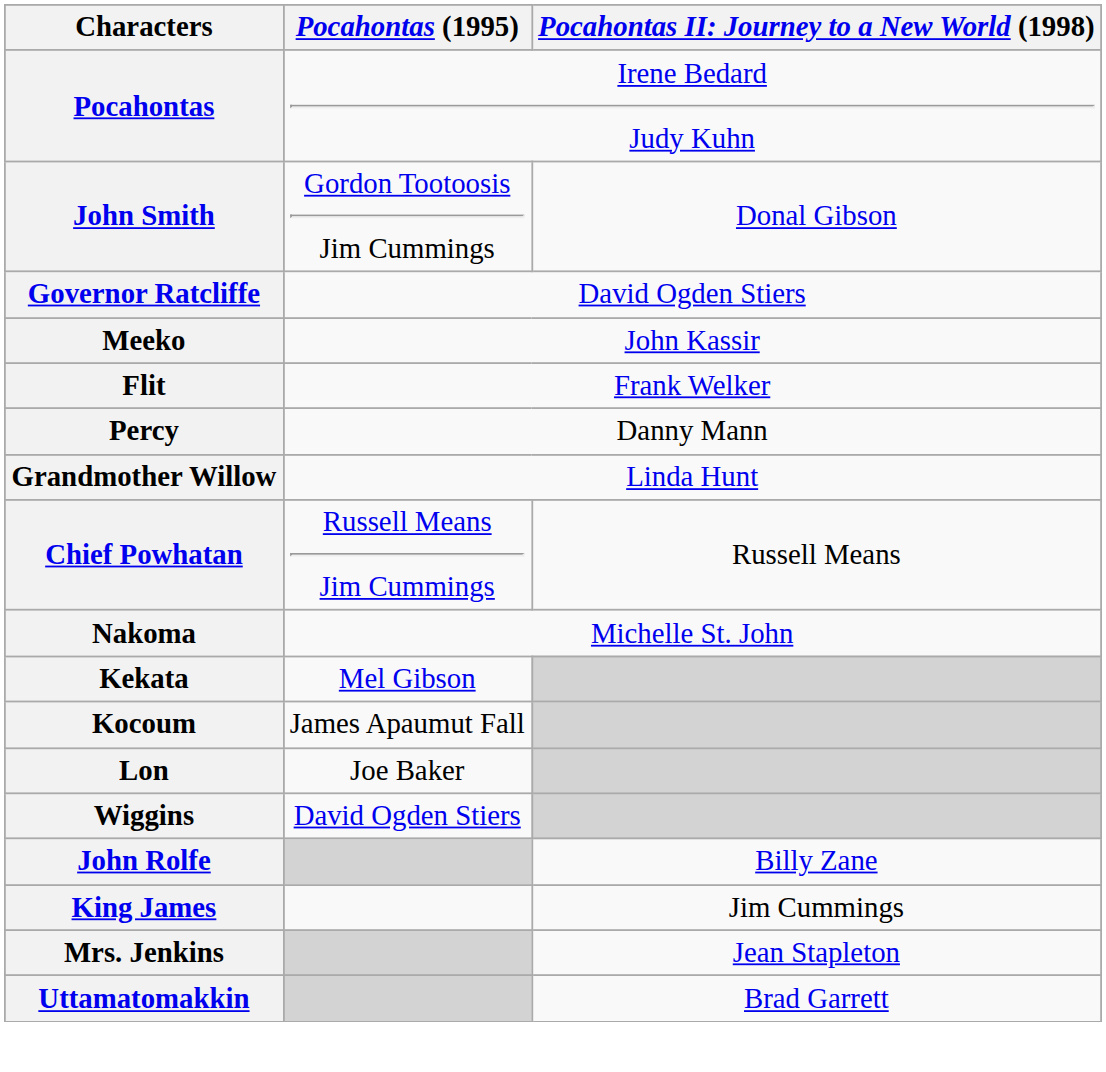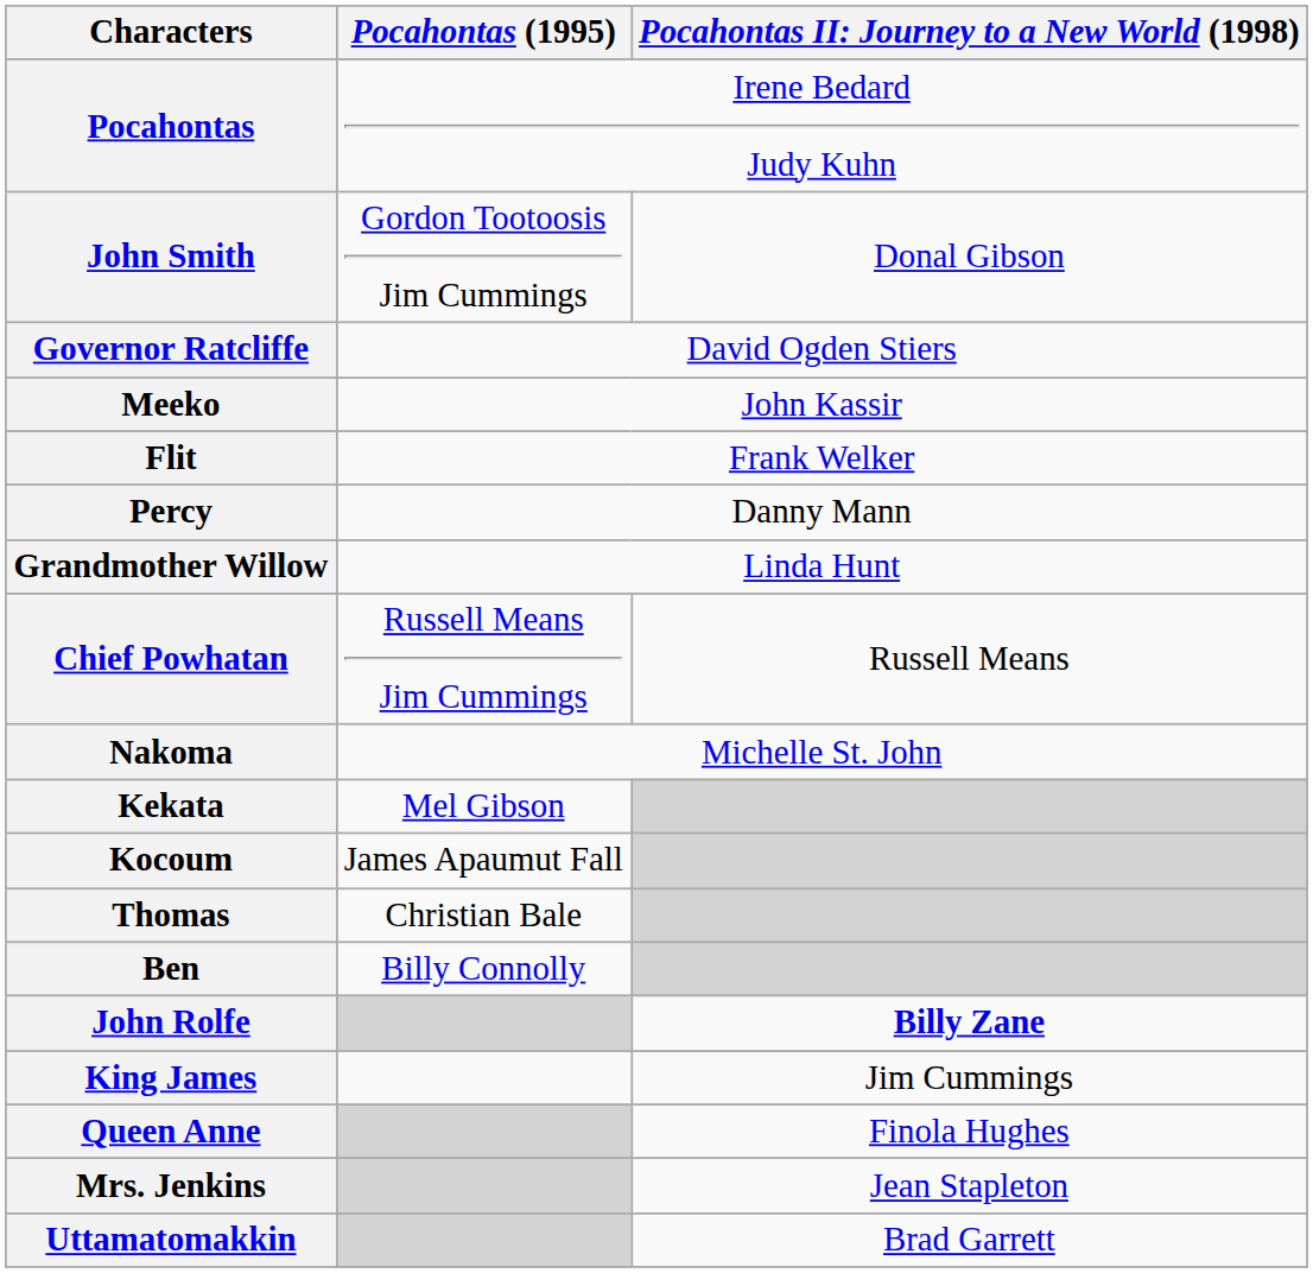 <table class="wikitable" style="text-align:center;">
 <tr>
 <th>Characters</th>
 <th><em><a href='#'>Pocahontas</a></em> (1995)</th>
 <th><em><a href='#'>Pocahontas II: Journey to a New World</a></em> (1998)</th>
 </tr>
 <tr>
 <th><a href='#'>Pocahontas</a></th>
 <td colspan="2"><a href='#'>Irene Bedard</a><hr><a href='#'>Judy Kuhn</a></td>
 </tr>
 <tr>
 <th><a href='#'>John Smith</a></th>
 <td><a href='#'>Gordon Tootoosis</a><hr>Jim Cummings</td>
 <td><a href='#'>Donal Gibson</a></td>
 </tr>
 <tr>
 <th><a href='#'>Governor Ratcliffe</a></th>
 <td colspan="2"><a href='#'>David Ogden Stiers</a></td>
 </tr>
 <tr>
 <th>Meeko</th>
 <td colspan="2"><a href='#'>John Kassir</a></td>
 </tr>
 <tr>
 <th>Flit</th>
 <td colspan="2"><a href='#'>Frank Welker</a></td>
 </tr>
 <tr>
 <th>Percy</th>
 <td colspan="2">Danny Mann</td>
 </tr>
 <tr>
 <th>Grandmother Willow</th>
 <td colspan="2"><a href='#'>Linda Hunt</a></td>
 </tr>
 <tr>
 <th><a href='#'>Chief Powhatan</a></th>
 <td><a href='#'>Russell Means</a><hr><a href='#'>Jim Cummings</a></td>
 <td>Russell Means</td>
 </tr>
 <tr>
 <th>Nakoma</th>
 <td colspan="2"><a href='#'>Michelle St. John</a></td>
 </tr>
 <tr>
 <th>Kekata</th>
 <td><a href='#'>Mel Gibson</a></td>
 <td style="background-color:#D3D3D3;"></td>
 </tr>
 <tr>
 <th>Kocoum</th>
 <td>James Apaumut Fall</td>
 <td style="background-color:#D3D3D3;"></td>
 </tr>
 <tr>
-<th>Lon</th>
-<td>Joe Baker</td>
+<th>Thomas</th>
+<td>Christian Bale</td>
 <td style="background-color:#D3D3D3;"></td>
 </tr>
 <tr>
-<th>Wiggins</th>
-<td><a href='#'>David Ogden Stiers</a></td>
+<th>Ben</th>
+<td><a href='#'>Billy Connolly</a></td>
 <td style="background-color:#D3D3D3;"></td>
 </tr>
 <tr>
 <th><a href='#'>John Rolfe</a></th>
 <td style="background-color:#D3D3D3;"></td>
-<td><a href='#'>Billy Zane</a></td>
+<td><strong><a href='#'>Billy Zane</a></strong></td>
 </tr>
 <tr>
 <th><a href='#'>King James</a></th>
 <td></td>
 <td>Jim Cummings</td>
+</tr>
+<tr>
+<th><a href='#'>Queen Anne</a></th>
+<td style="background-color:#D3D3D3;"></td>
+<td><a href='#'>Finola Hughes</a></td>
 </tr>
 <tr>
 <th>Mrs. Jenkins</th>
 <td style="background-color:#D3D3D3;"></td>
 <td><a href='#'>Jean Stapleton</a></td>
 </tr>
 <tr>
 <th><a href='#'>Uttamatomakkin</a></th>
 <td style="background-color:#D3D3D3;"></td>
 <td><a href='#'>Brad Garrett</a></td>
 </tr>
 </table>
